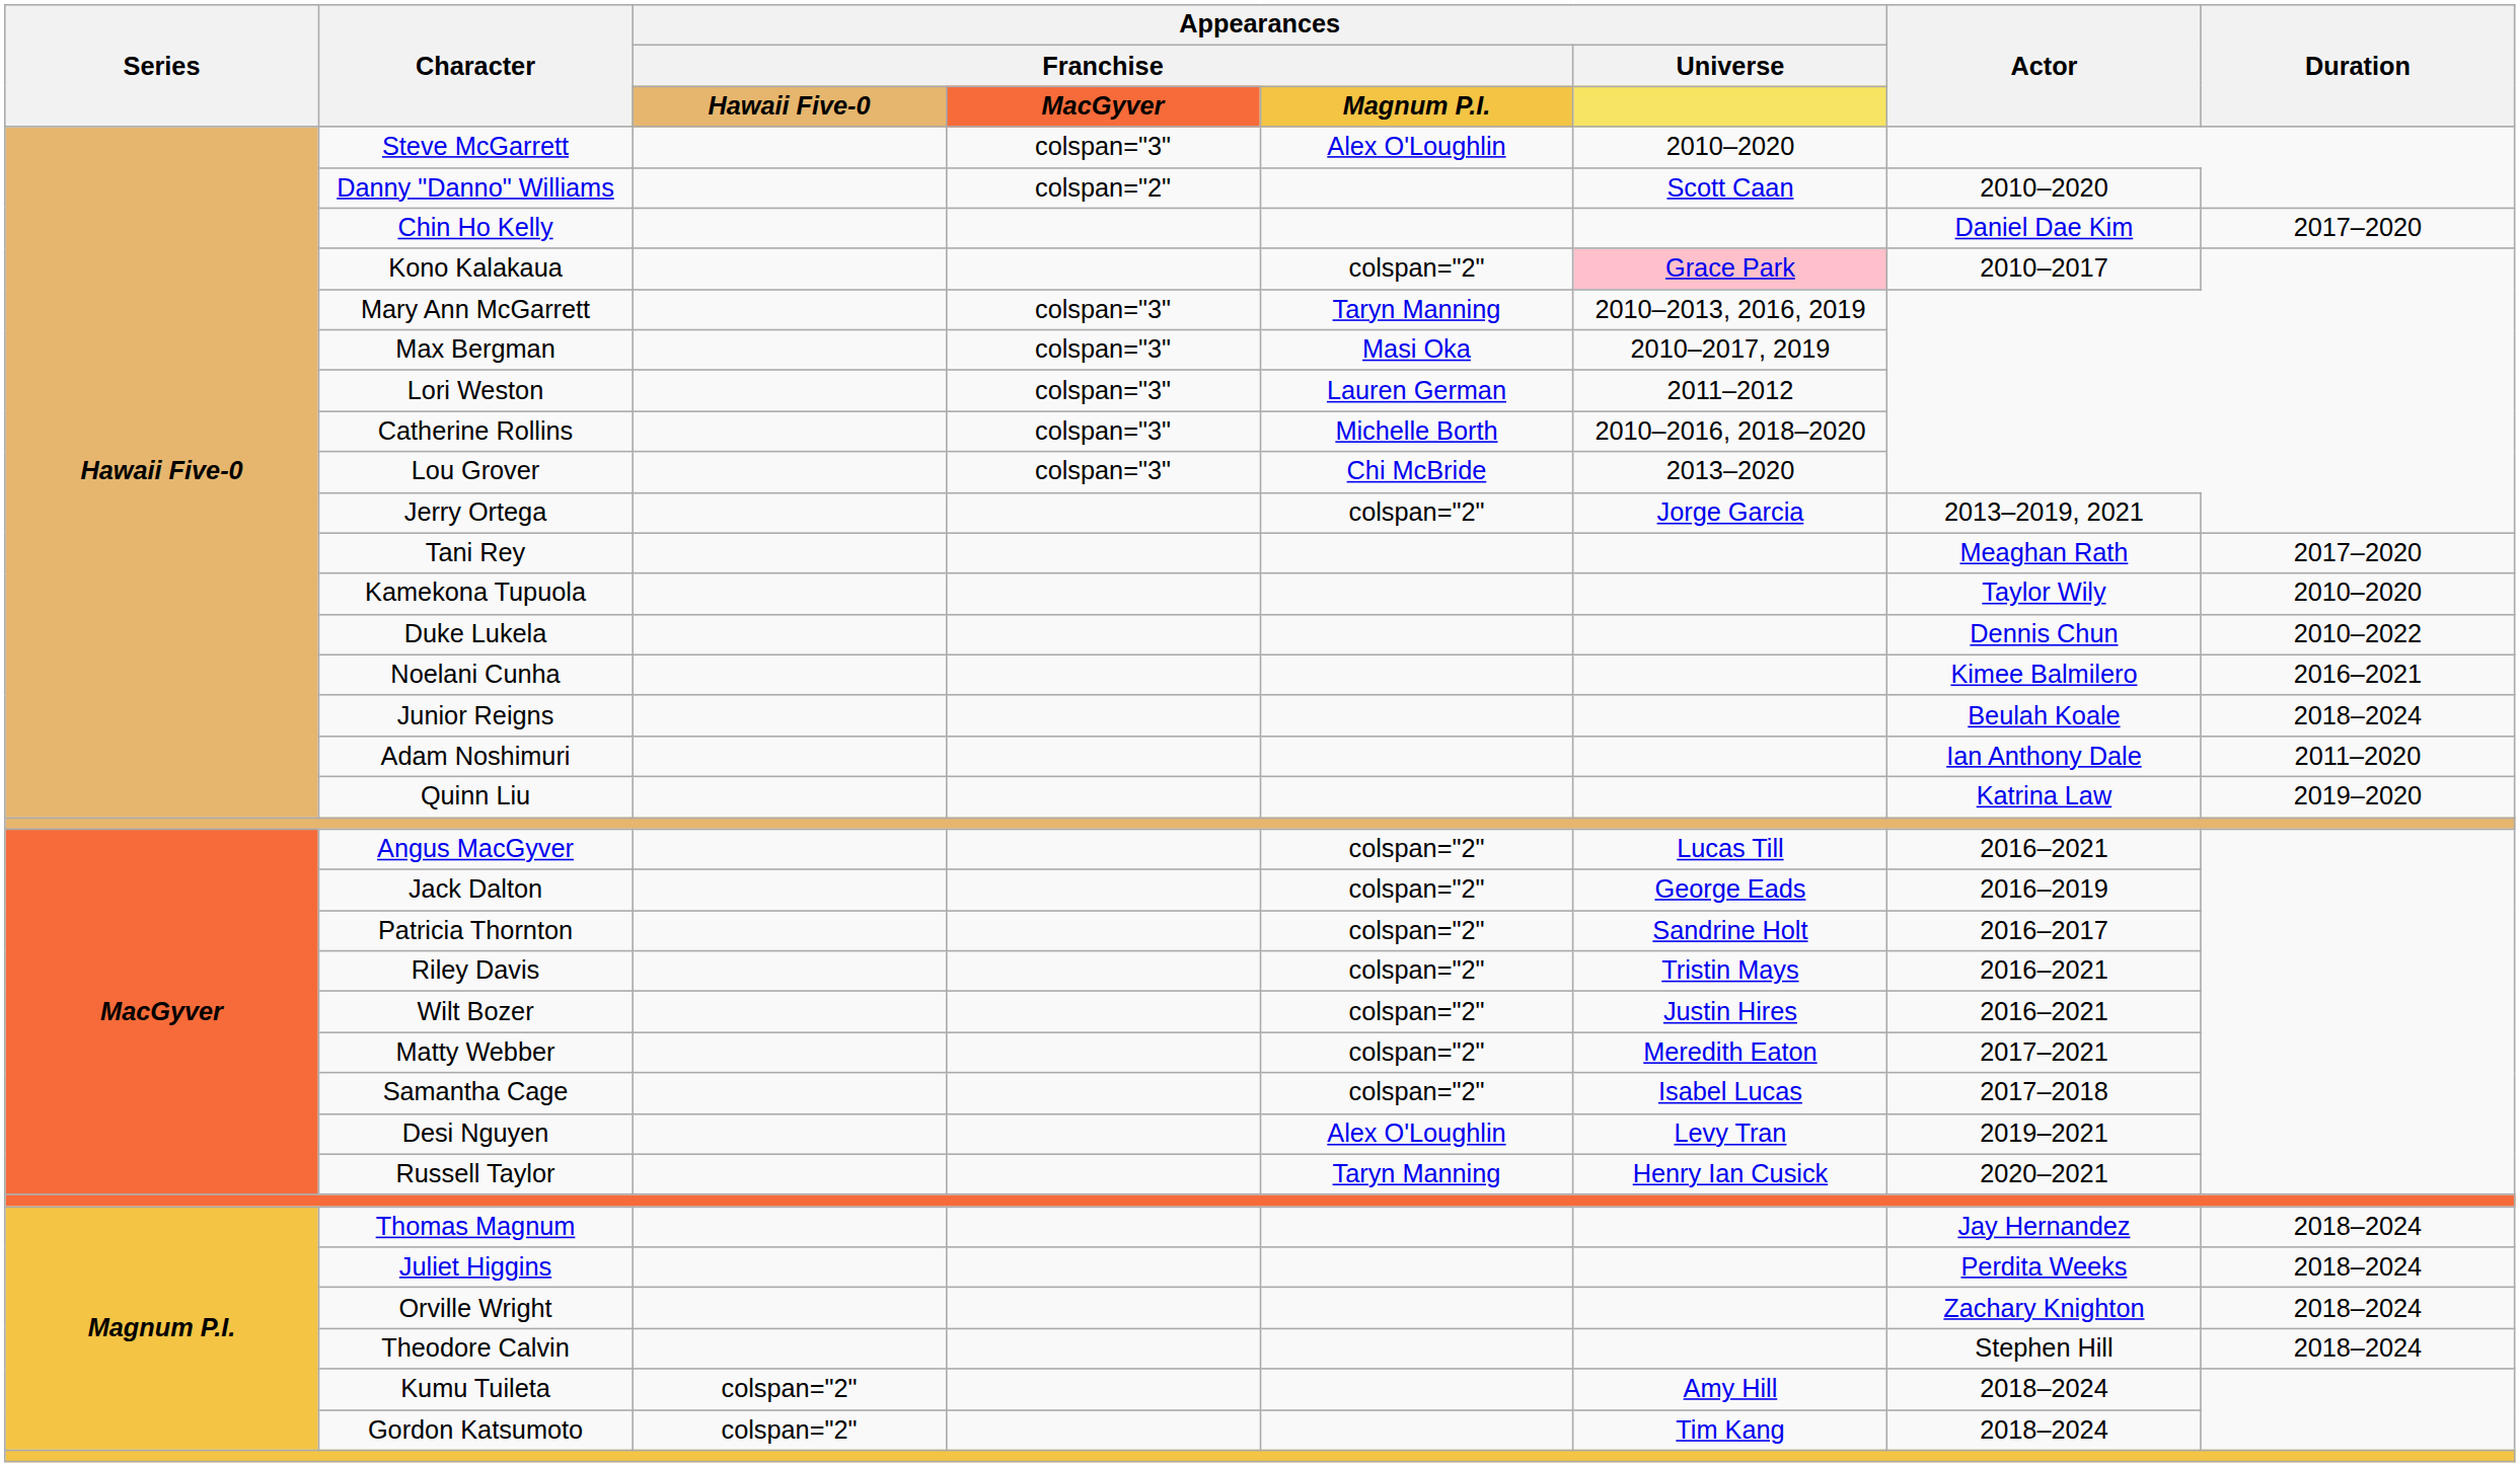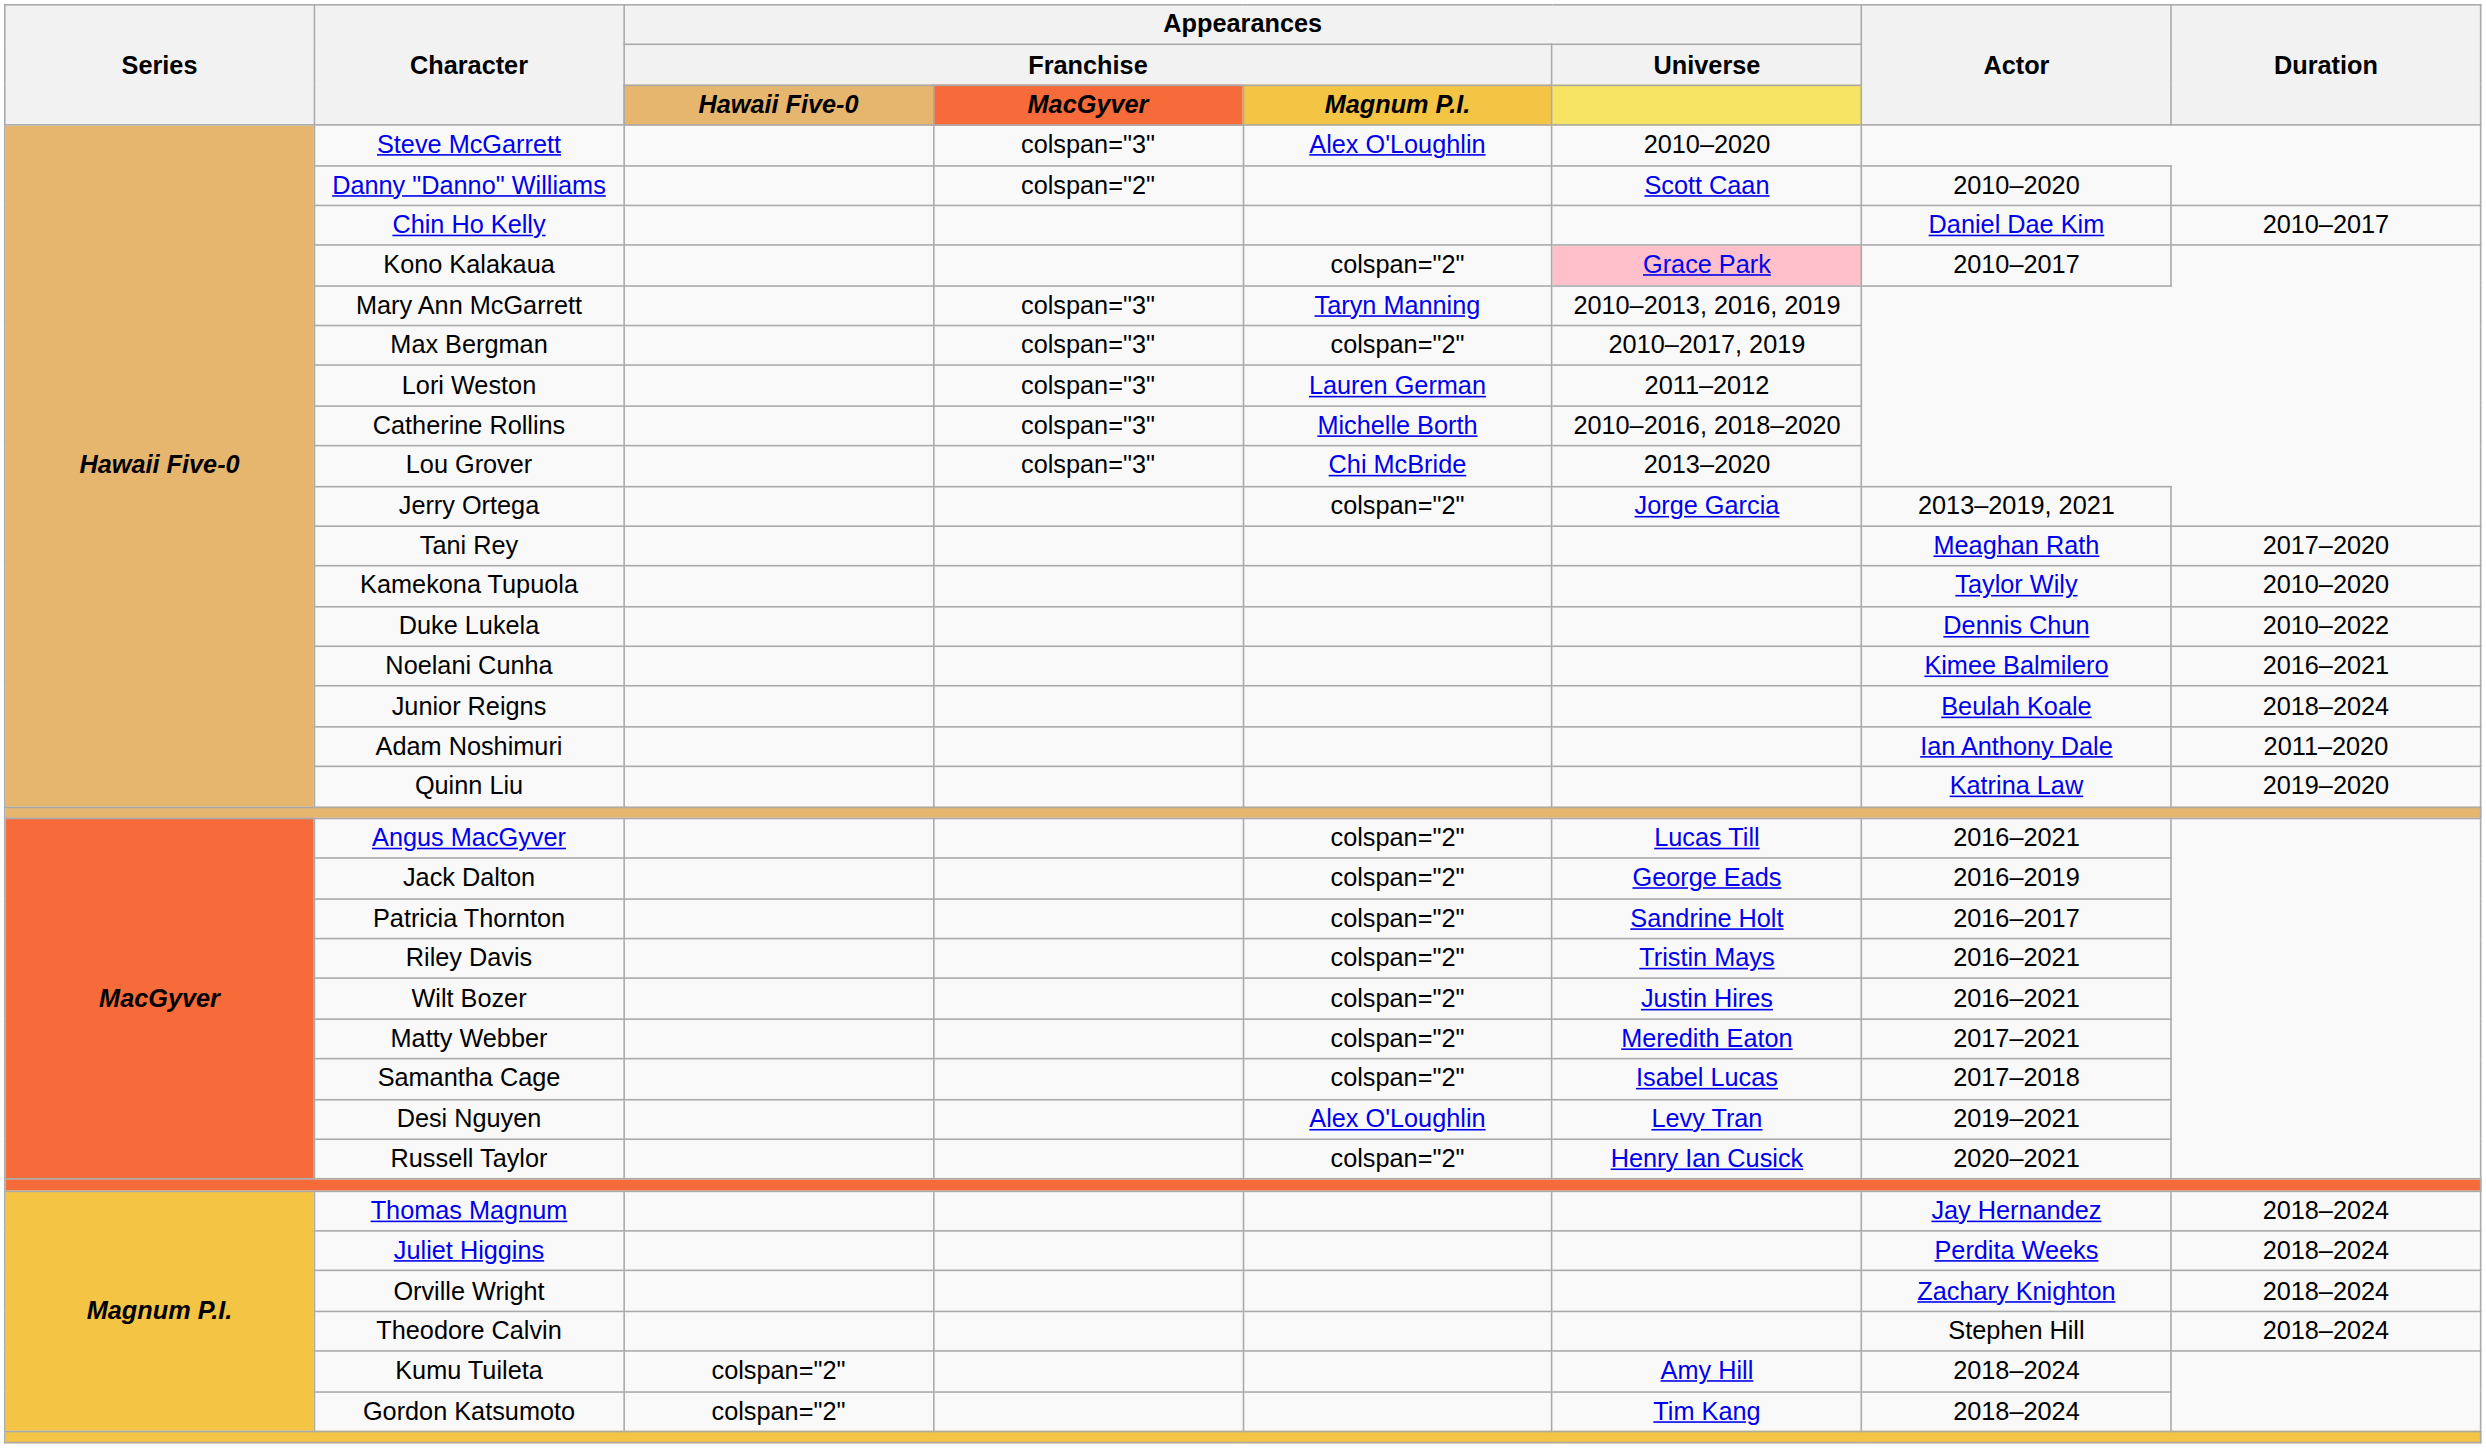 <table class="wikitable plainrowheaders" style="text-align:center;">
 <tr>
 <th scope="col" style="width:10%;" rowspan="3">Series</th>
 <th scope="col" style="width:10%;" rowspan="3">Character</th>
 <th scope="col" style="width:10%;" colspan="4" data-sort-type="number">Appearances</th>
 <th scope="col" style="width:10%;" rowspan="3">Actor</th>
 <th scope="col" style="width:10%;" rowspan="3" data-sort-type="number">Duration</th>
 </tr>
 <tr>
 <th scope="col" colspan="3">Franchise</th>
 <th scope="col" colspan="1">Universe</th>
 </tr>
 <tr>
 <th scope="col" style="width:10%; background:#e6b66e;"><em>Hawaii Five-0</em></th>
 <th scope="col" style="width:10%; background:#F66B39;"><em>MacGyver</em></th>
 <th scope="col" style="width:10%; background:#F4C444;"><em>Magnum P.I.</em></th>
 <th scope="col" style="width:10%; background:#F7E463;"></th>
 </tr>
 <tr>
 <td style="background:#e6b66e;" rowspan="17"><strong><em>Hawaii Five-0</em></strong></td>
 <td scope="row"><a href='#'>Steve McGarrett</a></td>
 <td></td>
 <td>colspan="3" </td>
 <td><a href='#'>Alex O'Loughlin</a></td>
 <td>2010–2020</td>
 </tr>
 <tr>
 <td scope="row"><a href='#'>Danny "Danno" Williams</a></td>
 <td></td>
 <td>colspan="2" </td>
 <td></td>
 <td><a href='#'>Scott Caan</a></td>
 <td>2010–2020</td>
 </tr>
 <tr>
 <td scope="row"><a href='#'>Chin Ho Kelly</a></td>
 <td></td>
 <td></td>
 <td></td>
 <td></td>
 <td><a href='#'>Daniel Dae Kim</a></td>
-<td>2017–2020</td>
+<td>2010–2017</td>
 </tr>
 <tr>
 <td scope="row">Kono Kalakaua</td>
 <td></td>
 <td></td>
 <td>colspan="2" </td>
 <td style="background: pink;"><a href='#'>Grace Park</a></td>
 <td>2010–2017</td>
 </tr>
 <tr>
 <td scope="row">Mary Ann McGarrett</td>
 <td></td>
 <td>colspan="3" </td>
 <td><a href='#'>Taryn Manning</a></td>
 <td>2010–2013, 2016, 2019</td>
 </tr>
 <tr>
 <td scope="row">Max Bergman</td>
 <td></td>
 <td>colspan="3" </td>
-<td><a href='#'>Masi Oka</a></td>
+<td>colspan="2" </td>
 <td>2010–2017, 2019</td>
 </tr>
 <tr>
 <td scope="row">Lori Weston</td>
 <td></td>
 <td>colspan="3" </td>
 <td><a href='#'>Lauren German</a></td>
 <td>2011–2012</td>
 </tr>
 <tr>
 <td scope="row">Catherine Rollins</td>
 <td></td>
 <td>colspan="3" </td>
 <td><a href='#'>Michelle Borth</a></td>
 <td>2010–2016, 2018–2020</td>
 </tr>
 <tr>
 <td scope="row">Lou Grover</td>
 <td></td>
 <td>colspan="3" </td>
 <td><a href='#'>Chi McBride</a></td>
 <td>2013–2020</td>
 </tr>
 <tr>
 <td scope="row">Jerry Ortega</td>
 <td></td>
 <td></td>
 <td>colspan="2" </td>
 <td><a href='#'>Jorge Garcia</a></td>
 <td>2013–2019, 2021</td>
 </tr>
 <tr>
 <td scope="row">Tani Rey</td>
 <td></td>
 <td></td>
 <td></td>
 <td></td>
 <td><a href='#'>Meaghan Rath</a></td>
 <td>2017–2020</td>
 </tr>
 <tr>
 <td scope="row">Kamekona Tupuola</td>
 <td></td>
 <td></td>
 <td></td>
 <td></td>
 <td><a href='#'>Taylor Wily</a></td>
 <td>2010–2020</td>
 </tr>
 <tr>
 <td scope="row">Duke Lukela</td>
 <td></td>
 <td></td>
 <td></td>
 <td></td>
 <td><a href='#'>Dennis Chun</a></td>
 <td>2010–2022</td>
 </tr>
 <tr>
 <td scope="row">Noelani Cunha</td>
 <td></td>
 <td></td>
 <td></td>
 <td></td>
 <td><a href='#'>Kimee Balmilero</a></td>
 <td>2016–2021</td>
 </tr>
 <tr>
 <td scope="row">Junior Reigns</td>
 <td></td>
 <td></td>
 <td></td>
 <td></td>
 <td><a href='#'>Beulah Koale</a></td>
 <td>2018–2024</td>
 </tr>
 <tr>
 <td scope="row">Adam Noshimuri</td>
 <td></td>
 <td></td>
 <td></td>
 <td></td>
 <td><a href='#'>Ian Anthony Dale</a></td>
 <td>2011–2020</td>
 </tr>
 <tr>
 <td scope="row">Quinn Liu</td>
 <td></td>
 <td></td>
 <td></td>
 <td></td>
 <td><a href='#'>Katrina Law</a></td>
 <td>2019–2020</td>
 </tr>
 <tr>
 <td style="background:#e6b66e;" colspan="8"></td>
 </tr>
 <tr>
 <td style="background:#F66B39;" rowspan="9"><strong><em>MacGyver</em></strong></td>
 <td scope="row"><a href='#'>Angus MacGyver</a></td>
 <td></td>
 <td></td>
 <td>colspan="2" </td>
 <td><a href='#'>Lucas Till</a></td>
 <td>2016–2021</td>
 </tr>
 <tr>
 <td scope="row">Jack Dalton</td>
 <td></td>
 <td></td>
 <td>colspan="2" </td>
 <td><a href='#'>George Eads</a></td>
 <td>2016–2019</td>
 </tr>
 <tr>
 <td scope="row">Patricia Thornton</td>
 <td></td>
 <td></td>
 <td>colspan="2" </td>
 <td><a href='#'>Sandrine Holt</a></td>
 <td>2016–2017</td>
 </tr>
 <tr>
 <td scope="row">Riley Davis</td>
 <td></td>
 <td></td>
 <td>colspan="2" </td>
 <td><a href='#'>Tristin Mays</a></td>
 <td>2016–2021</td>
 </tr>
 <tr>
 <td scope="row">Wilt Bozer</td>
 <td></td>
 <td></td>
 <td>colspan="2" </td>
 <td><a href='#'>Justin Hires</a></td>
 <td>2016–2021</td>
 </tr>
 <tr>
 <td scope="row">Matty Webber</td>
 <td></td>
 <td></td>
 <td>colspan="2" </td>
 <td><a href='#'>Meredith Eaton</a></td>
 <td>2017–2021</td>
 </tr>
 <tr>
 <td scope="row">Samantha Cage</td>
 <td></td>
 <td></td>
 <td>colspan="2" </td>
 <td><a href='#'>Isabel Lucas</a></td>
 <td>2017–2018</td>
 </tr>
 <tr>
 <td scope="row">Desi Nguyen</td>
 <td></td>
 <td></td>
 <td><a href='#'>Alex O'Loughlin</a></td>
 <td><a href='#'>Levy Tran</a></td>
 <td>2019–2021</td>
 </tr>
 <tr>
 <td scope="row">Russell Taylor</td>
 <td></td>
 <td></td>
-<td><a href='#'>Taryn Manning</a></td>
+<td>colspan="2" </td>
 <td><a href='#'>Henry Ian Cusick</a></td>
 <td>2020–2021</td>
 </tr>
 <tr>
 <td style="background:#F66B39;" colspan="8"></td>
 </tr>
 <tr>
 <td style="background:#F4C444;" rowspan="6"><strong><em>Magnum P.I.</em></strong></td>
 <td scope="row"><a href='#'>Thomas Magnum</a></td>
 <td></td>
 <td></td>
 <td></td>
 <td></td>
 <td><a href='#'>Jay Hernandez</a></td>
 <td>2018–2024</td>
 </tr>
 <tr>
 <td scope="row"><a href='#'>Juliet Higgins</a></td>
 <td></td>
 <td></td>
 <td></td>
 <td></td>
 <td><a href='#'>Perdita Weeks</a></td>
 <td>2018–2024</td>
 </tr>
 <tr>
 <td scope="row">Orville Wright</td>
 <td></td>
 <td></td>
 <td></td>
 <td></td>
 <td><a href='#'>Zachary Knighton</a></td>
 <td>2018–2024</td>
 </tr>
 <tr>
 <td scope="row">Theodore Calvin</td>
 <td></td>
 <td></td>
 <td></td>
 <td></td>
 <td>Stephen Hill</td>
 <td>2018–2024</td>
 </tr>
 <tr>
 <td scope="row">Kumu Tuileta</td>
 <td>colspan="2" </td>
 <td></td>
 <td></td>
 <td><a href='#'>Amy Hill</a></td>
 <td>2018–2024</td>
 </tr>
 <tr>
 <td scope="row">Gordon Katsumoto</td>
 <td>colspan="2" </td>
 <td></td>
 <td></td>
 <td><a href='#'>Tim Kang</a></td>
 <td>2018–2024</td>
 </tr>
 <tr>
 <td style="background:#F4C444;" colspan="8"></td>
 </tr>
 </table>
